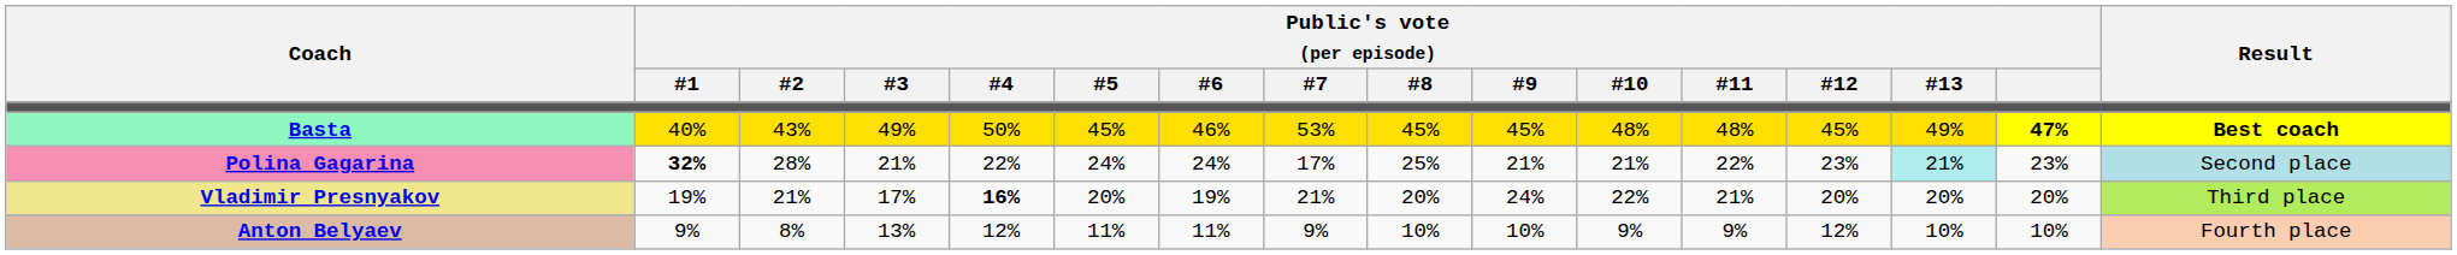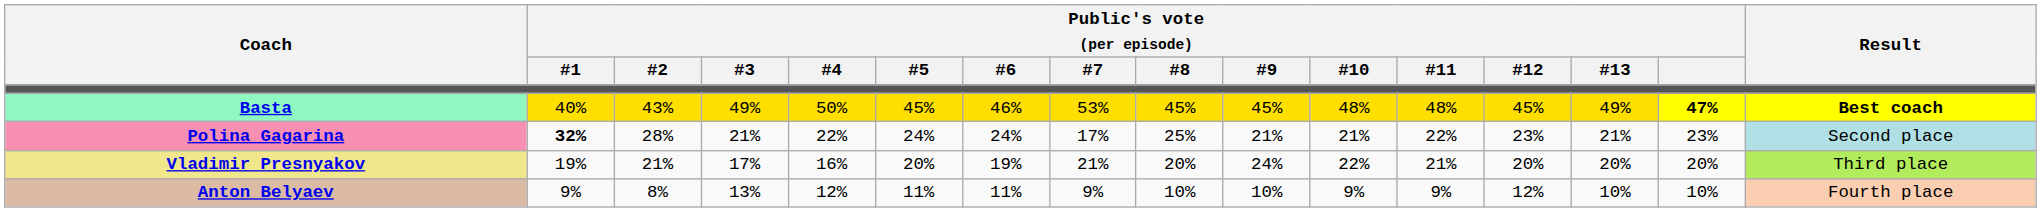 <table class="wikitable sortable" style="text-align:center; width:120%;">
 <tr>
 <th rowspan=2 style="width:18%;">Coach</th>
 <th colspan=14 style="width:10%;">Public's vote<br><sub>(per episode)</sub></th>
 <th rowspan=2 style="width:10%;">Result</th>
 </tr>
 <tr>
 <th style="width:3%;">#1</th>
 <th style="width:3%;">#2</th>
 <th style="width:3%;">#3</th>
 <th style="width:3%;">#4</th>
 <th style="width:3%;">#5</th>
 <th style="width:3%;">#6</th>
 <th style="width:3%;">#7</th>
 <th style="width:3%;">#8</th>
 <th style="width:3%;">#9</th>
 <th style="width:3%;">#10</th>
 <th style="width:3%;">#11</th>
 <th style="width:3%;">#12</th>
 <th style="width:3%;">#13</th>
 <th style="width:3%;"></th>
 </tr>
 <tr>
 <td colspan=16 style="background:#555;"></td>
 </tr>
 <tr>
 <th style="background:#8ff7c0;"><a href='#'>Basta</a></th>
 <td style="background:#fedf00;">40%</td>
 <td style="background:#fedf00;">43%</td>
 <td style="background:#fedf00;">49%</td>
 <td style="background:#fedf00;">50%</td>
 <td style="background:#fedf00;">45%</td>
 <td style="background:#fedf00;">46%</td>
 <td style="background:#fedf00;">53%</td>
 <td style="background:#fedf00;">45%</td>
 <td style="background:#fedf00;">45%</td>
 <td style="background:#fedf00;">48%</td>
 <td style="background:#fedf00;">48%</td>
 <td style="background:#fedf00;">45%</td>
 <td style="background:#fedf00;">49%</td>
 <td style="background:yellow;"><strong>47%</strong></td>
 <td style="background:yellow;"><strong>Best coach</strong></td>
 </tr>
 <tr>
 <th style="background:#f78fb2;"><a href='#'>Polina Gagarina</a></th>
 <td><strong>32%</strong></td>
 <td>28%</td>
 <td>21%</td>
 <td>22%</td>
 <td>24%</td>
 <td>24%</td>
 <td>17%</td>
 <td>25%</td>
 <td>21%</td>
 <td>21%</td>
 <td>22%</td>
 <td>23%</td>
-<td style="background: paleturquoise;">21%</td>
+<td>21%</td>
 <td>23%</td>
 <td style="background:#B0E0E6;">Second place</td>
 </tr>
 <tr>
 <th style="background:khaki"><a href='#'>Vladimir Presnyakov</a></th>
 <td>19%</td>
 <td>21%</td>
 <td>17%</td>
-<td><strong>16%</strong></td>
+<td>16%</td>
 <td>20%</td>
 <td>19%</td>
 <td>21%</td>
 <td>20%</td>
 <td>24%</td>
 <td>22%</td>
 <td>21%</td>
 <td>20%</td>
 <td>20%</td>
 <td>20%</td>
 <td style="background:#B2EC5D;">Third place</td>
 </tr>
 <tr>
 <th style="background:#dbbba4;"><a href='#'>Anton Belyaev</a></th>
 <td>9%</td>
 <td>8%</td>
 <td>13%</td>
 <td>12%</td>
 <td>11%</td>
 <td>11%</td>
 <td>9%</td>
 <td>10%</td>
 <td>10%</td>
 <td>9%</td>
 <td>9%</td>
 <td>12%</td>
 <td>10%</td>
 <td>10%</td>
 <td style="background:#FBCEB1;">Fourth place</td>
 </tr>
 </table>
